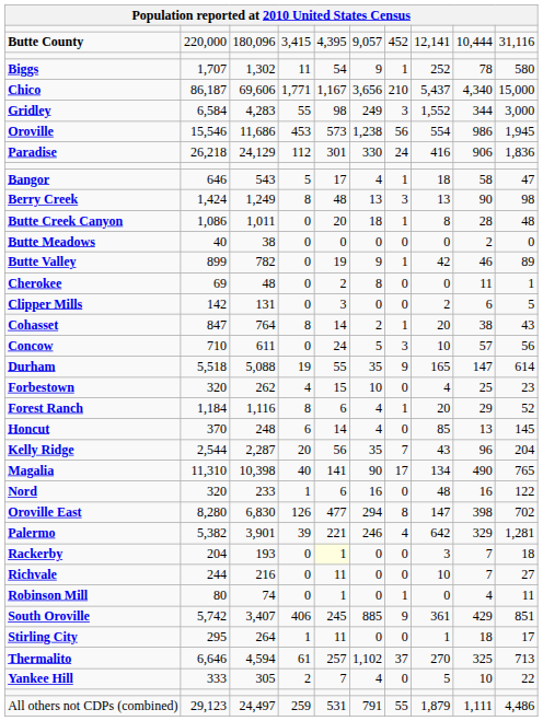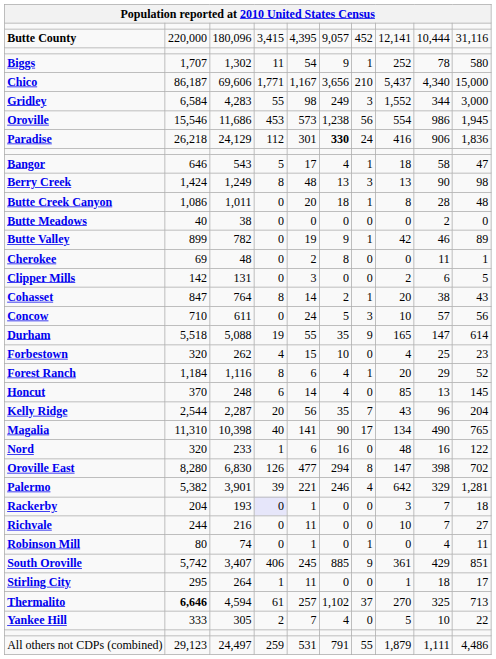 <table class="wikitable collapsible collapsed">
 <tr>
 <th colspan="10">Population reported at <a href='#'>2010 United States Census</a></th>
 </tr>
 <tr>
 <td></td>
 <td></td>
 <td></td>
 <td></td>
 <td></td>
 <td></td>
 <td></td>
 <td></td>
 <td></td>
 <td></td>
 </tr>
 <tr>
 <td><strong> Butte County</strong></td>
 <td align="right">220,000</td>
 <td align="right">180,096</td>
 <td align="right">3,415</td>
 <td align="right">4,395</td>
 <td align="right">9,057</td>
 <td align="right">452</td>
 <td align="right">12,141</td>
 <td align="right">10,444</td>
 <td align="right">31,116</td>
 </tr>
 <tr>
 <td></td>
 <td></td>
 <td></td>
 <td></td>
 <td></td>
 <td></td>
 <td></td>
 <td></td>
 <td></td>
 <td></td>
 </tr>
 <tr>
 <td><strong><a href='#'>Biggs</a></strong></td>
 <td align="right">1,707</td>
 <td align="right">1,302</td>
 <td align="right">11</td>
 <td align="right">54</td>
 <td align="right">9</td>
 <td align="right">1</td>
 <td align="right">252</td>
 <td align="right">78</td>
 <td align="right">580</td>
 </tr>
 <tr>
 <td><strong><a href='#'>Chico</a></strong></td>
 <td align="right">86,187</td>
 <td align="right">69,606</td>
 <td align="right">1,771</td>
 <td align="right">1,167</td>
 <td align="right">3,656</td>
 <td align="right">210</td>
 <td align="right">5,437</td>
 <td align="right">4,340</td>
 <td align="right">15,000</td>
 </tr>
 <tr>
 <td><strong><a href='#'>Gridley</a></strong></td>
 <td align="right">6,584</td>
 <td align="right">4,283</td>
 <td align="right">55</td>
 <td align="right">98</td>
 <td align="right">249</td>
 <td align="right">3</td>
 <td align="right">1,552</td>
 <td align="right">344</td>
 <td align="right">3,000</td>
 </tr>
 <tr>
 <td><strong><a href='#'>Oroville</a></strong></td>
 <td align="right">15,546</td>
 <td align="right">11,686</td>
 <td align="right">453</td>
 <td align="right">573</td>
 <td align="right">1,238</td>
 <td align="right">56</td>
 <td align="right">554</td>
 <td align="right">986</td>
 <td align="right">1,945</td>
 </tr>
 <tr>
 <td><strong><a href='#'>Paradise</a></strong></td>
 <td align="right">26,218</td>
 <td align="right">24,129</td>
 <td align="right">112</td>
 <td align="right">301</td>
-<td align="right">330</td>
+<td align="right"><strong>330</strong></td>
 <td align="right">24</td>
 <td align="right">416</td>
 <td align="right">906</td>
 <td align="right">1,836</td>
 </tr>
 <tr>
 <td></td>
 <td></td>
 <td></td>
 <td></td>
 <td></td>
 <td></td>
 <td></td>
 <td></td>
 <td></td>
 <td></td>
 </tr>
 <tr>
 <td><strong><a href='#'>Bangor</a></strong></td>
 <td align="right">646</td>
 <td align="right">543</td>
 <td align="right">5</td>
 <td align="right">17</td>
 <td align="right">4</td>
 <td align="right">1</td>
 <td align="right">18</td>
 <td align="right">58</td>
 <td align="right">47</td>
 </tr>
 <tr>
 <td><strong><a href='#'>Berry Creek</a></strong></td>
 <td align="right">1,424</td>
 <td align="right">1,249</td>
 <td align="right">8</td>
 <td align="right">48</td>
 <td align="right">13</td>
 <td align="right">3</td>
 <td align="right">13</td>
 <td align="right">90</td>
 <td align="right">98</td>
 </tr>
 <tr>
 <td><strong><a href='#'>Butte Creek Canyon</a></strong></td>
 <td align="right">1,086</td>
 <td align="right">1,011</td>
 <td align="right">0</td>
 <td align="right">20</td>
 <td align="right">18</td>
 <td align="right">1</td>
 <td align="right">8</td>
 <td align="right">28</td>
 <td align="right">48</td>
 </tr>
 <tr>
 <td><strong><a href='#'>Butte Meadows</a></strong></td>
 <td align="right">40</td>
 <td align="right">38</td>
 <td align="right">0</td>
 <td align="right">0</td>
 <td align="right">0</td>
 <td align="right">0</td>
 <td align="right">0</td>
 <td align="right">2</td>
 <td align="right">0</td>
 </tr>
 <tr>
 <td><strong><a href='#'>Butte Valley</a></strong></td>
 <td align="right">899</td>
 <td align="right">782</td>
 <td align="right">0</td>
 <td align="right">19</td>
 <td align="right">9</td>
 <td align="right">1</td>
 <td align="right">42</td>
 <td align="right">46</td>
 <td align="right">89</td>
 </tr>
 <tr>
 <td><strong><a href='#'>Cherokee</a></strong></td>
 <td align="right">69</td>
 <td align="right">48</td>
 <td align="right">0</td>
 <td align="right">2</td>
 <td align="right">8</td>
 <td align="right">0</td>
 <td align="right">0</td>
 <td align="right">11</td>
 <td align="right">1</td>
 </tr>
 <tr>
 <td><strong><a href='#'>Clipper Mills</a></strong></td>
 <td align="right">142</td>
 <td align="right">131</td>
 <td align="right">0</td>
 <td align="right">3</td>
 <td align="right">0</td>
 <td align="right">0</td>
 <td align="right">2</td>
 <td align="right">6</td>
 <td align="right">5</td>
 </tr>
 <tr>
 <td><strong><a href='#'>Cohasset</a></strong></td>
 <td align="right">847</td>
 <td align="right">764</td>
 <td align="right">8</td>
 <td align="right">14</td>
 <td align="right">2</td>
 <td align="right">1</td>
 <td align="right">20</td>
 <td align="right">38</td>
 <td align="right">43</td>
 </tr>
 <tr>
 <td><strong><a href='#'>Concow</a></strong></td>
 <td align="right">710</td>
 <td align="right">611</td>
 <td align="right">0</td>
 <td align="right">24</td>
 <td align="right">5</td>
 <td align="right">3</td>
 <td align="right">10</td>
 <td align="right">57</td>
 <td align="right">56</td>
 </tr>
 <tr>
 <td><strong><a href='#'>Durham</a></strong></td>
 <td align="right">5,518</td>
 <td align="right">5,088</td>
 <td align="right">19</td>
 <td align="right">55</td>
 <td align="right">35</td>
 <td align="right">9</td>
 <td align="right">165</td>
 <td align="right">147</td>
 <td align="right">614</td>
 </tr>
 <tr>
 <td><strong><a href='#'>Forbestown</a></strong></td>
 <td align="right">320</td>
 <td align="right">262</td>
 <td align="right">4</td>
 <td align="right">15</td>
 <td align="right">10</td>
 <td align="right">0</td>
 <td align="right">4</td>
 <td align="right">25</td>
 <td align="right">23</td>
 </tr>
 <tr>
 <td><strong><a href='#'>Forest Ranch</a></strong></td>
 <td align="right">1,184</td>
 <td align="right">1,116</td>
 <td align="right">8</td>
 <td align="right">6</td>
 <td align="right">4</td>
 <td align="right">1</td>
 <td align="right">20</td>
 <td align="right">29</td>
 <td align="right">52</td>
 </tr>
 <tr>
 <td><strong><a href='#'>Honcut</a></strong></td>
 <td align="right">370</td>
 <td align="right">248</td>
 <td align="right">6</td>
 <td align="right">14</td>
 <td align="right">4</td>
 <td align="right">0</td>
 <td align="right">85</td>
 <td align="right">13</td>
 <td align="right">145</td>
 </tr>
 <tr>
 <td><strong><a href='#'>Kelly Ridge</a></strong></td>
 <td align="right">2,544</td>
 <td align="right">2,287</td>
 <td align="right">20</td>
 <td align="right">56</td>
 <td align="right">35</td>
 <td align="right">7</td>
 <td align="right">43</td>
 <td align="right">96</td>
 <td align="right">204</td>
 </tr>
 <tr>
 <td><strong><a href='#'>Magalia</a></strong></td>
 <td align="right">11,310</td>
 <td align="right">10,398</td>
 <td align="right">40</td>
 <td align="right">141</td>
 <td align="right">90</td>
 <td align="right">17</td>
 <td align="right">134</td>
 <td align="right">490</td>
 <td align="right">765</td>
 </tr>
 <tr>
 <td><strong><a href='#'>Nord</a></strong></td>
 <td align="right">320</td>
 <td align="right">233</td>
 <td align="right">1</td>
 <td align="right">6</td>
 <td align="right">16</td>
 <td align="right">0</td>
 <td align="right">48</td>
 <td align="right">16</td>
 <td align="right">122</td>
 </tr>
 <tr>
 <td><strong><a href='#'>Oroville East</a></strong></td>
 <td align="right">8,280</td>
 <td align="right">6,830</td>
 <td align="right">126</td>
 <td align="right">477</td>
 <td align="right">294</td>
 <td align="right">8</td>
 <td align="right">147</td>
 <td align="right">398</td>
 <td align="right">702</td>
 </tr>
 <tr>
 <td><strong><a href='#'>Palermo</a></strong></td>
 <td align="right">5,382</td>
 <td align="right">3,901</td>
 <td align="right">39</td>
 <td align="right">221</td>
 <td align="right">246</td>
 <td align="right">4</td>
 <td align="right">642</td>
 <td align="right">329</td>
 <td align="right">1,281</td>
 </tr>
 <tr>
 <td><strong><a href='#'>Rackerby</a></strong></td>
 <td align="right">204</td>
 <td align="right">193</td>
-<td align="right">0</td>
-<td align="right" style="background: lightyellow;">1</td>
+<td align="right" style="background: lavender;">0</td>
+<td align="right">1</td>
 <td align="right">0</td>
 <td align="right">0</td>
 <td align="right">3</td>
 <td align="right">7</td>
 <td align="right">18</td>
 </tr>
 <tr>
 <td><strong><a href='#'>Richvale</a></strong></td>
 <td align="right">244</td>
 <td align="right">216</td>
 <td align="right">0</td>
 <td align="right">11</td>
 <td align="right">0</td>
 <td align="right">0</td>
 <td align="right">10</td>
 <td align="right">7</td>
 <td align="right">27</td>
 </tr>
 <tr>
 <td><strong><a href='#'>Robinson Mill</a></strong></td>
 <td align="right">80</td>
 <td align="right">74</td>
 <td align="right">0</td>
 <td align="right">1</td>
 <td align="right">0</td>
 <td align="right">1</td>
 <td align="right">0</td>
 <td align="right">4</td>
 <td align="right">11</td>
 </tr>
 <tr>
 <td><strong><a href='#'>South Oroville</a></strong></td>
 <td align="right">5,742</td>
 <td align="right">3,407</td>
 <td align="right">406</td>
 <td align="right">245</td>
 <td align="right">885</td>
 <td align="right">9</td>
 <td align="right">361</td>
 <td align="right">429</td>
 <td align="right">851</td>
 </tr>
 <tr>
 <td><strong><a href='#'>Stirling City</a></strong></td>
 <td align="right">295</td>
 <td align="right">264</td>
 <td align="right">1</td>
 <td align="right">11</td>
 <td align="right">0</td>
 <td align="right">0</td>
 <td align="right">1</td>
 <td align="right">18</td>
 <td align="right">17</td>
 </tr>
 <tr>
 <td><strong><a href='#'>Thermalito</a></strong></td>
-<td align="right">6,646</td>
+<td align="right"><strong>6,646</strong></td>
 <td align="right">4,594</td>
 <td align="right">61</td>
 <td align="right">257</td>
 <td align="right">1,102</td>
 <td align="right">37</td>
 <td align="right">270</td>
 <td align="right">325</td>
 <td align="right">713</td>
 </tr>
 <tr>
 <td><strong><a href='#'>Yankee Hill</a> </strong></td>
 <td align="right">333</td>
 <td align="right">305</td>
 <td align="right">2</td>
 <td align="right">7</td>
 <td align="right">4</td>
 <td align="right">0</td>
 <td align="right">5</td>
 <td align="right">10</td>
 <td align="right">22</td>
 </tr>
 <tr>
 <td></td>
 <td></td>
 <td></td>
 <td></td>
 <td></td>
 <td></td>
 <td></td>
 <td></td>
 <td></td>
 <td></td>
 </tr>
 <tr>
 <td>All others not CDPs (combined)</td>
 <td align="right">29,123</td>
 <td align="right">24,497</td>
 <td align="right">259</td>
 <td align="right">531</td>
 <td align="right">791</td>
 <td align="right">55</td>
 <td align="right">1,879</td>
 <td align="right">1,111</td>
 <td align="right">4,486</td>
 </tr>
 </table>
